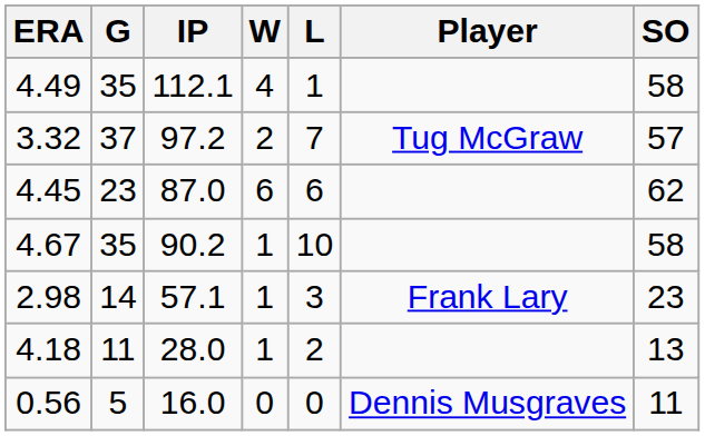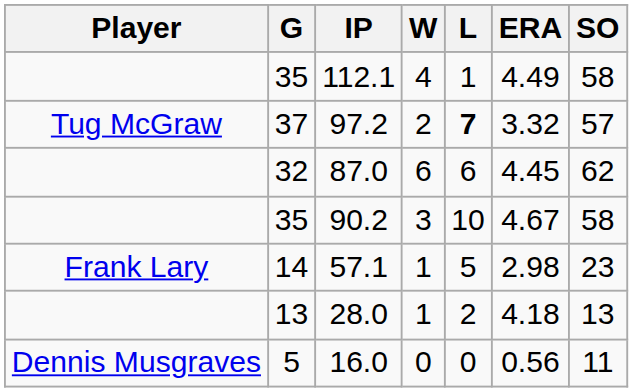 <table class="wikitable sortable">
 <tr>
-<th>ERA</th>
+<th>Player</th>
 <th>G</th>
 <th>IP</th>
 <th>W</th>
 <th>L</th>
-<th>Player</th>
+<th>ERA</th>
 <th>SO</th>
 </tr>
 <tr align="center">
-<td>4.49</td>
+<td></td>
 <td>35</td>
 <td>112.1</td>
 <td>4</td>
 <td>1</td>
-<td></td>
+<td>4.49</td>
 <td>58</td>
 </tr>
 <tr align="center">
-<td>3.32</td>
+<td><a href='#'>Tug McGraw</a></td>
 <td>37</td>
 <td>97.2</td>
 <td>2</td>
-<td>7</td>
-<td><a href='#'>Tug McGraw</a></td>
+<td><strong>7</strong></td>
+<td>3.32</td>
 <td>57</td>
 </tr>
 <tr align="center">
-<td>4.45</td>
-<td>23</td>
+<td></td>
+<td>32</td>
 <td>87.0</td>
 <td>6</td>
 <td>6</td>
-<td></td>
+<td>4.45</td>
 <td>62</td>
 </tr>
 <tr align="center">
-<td>4.67</td>
+<td></td>
 <td>35</td>
 <td>90.2</td>
-<td>1</td>
+<td>3</td>
 <td>10</td>
-<td></td>
+<td>4.67</td>
 <td>58</td>
 </tr>
 <tr align="center">
-<td>2.98</td>
+<td><a href='#'>Frank Lary</a></td>
 <td>14</td>
 <td>57.1</td>
 <td>1</td>
-<td>3</td>
-<td><a href='#'>Frank Lary</a></td>
+<td>5</td>
+<td>2.98</td>
 <td>23</td>
 </tr>
 <tr align="center">
-<td>4.18</td>
-<td>11</td>
+<td></td>
+<td>13</td>
 <td>28.0</td>
 <td>1</td>
 <td>2</td>
-<td></td>
+<td>4.18</td>
 <td>13</td>
 </tr>
 <tr align="center">
-<td>0.56</td>
+<td><a href='#'>Dennis Musgraves</a></td>
 <td>5</td>
 <td>16.0</td>
 <td>0</td>
 <td>0</td>
-<td><a href='#'>Dennis Musgraves</a></td>
+<td>0.56</td>
 <td>11</td>
 </tr>
 </table>
